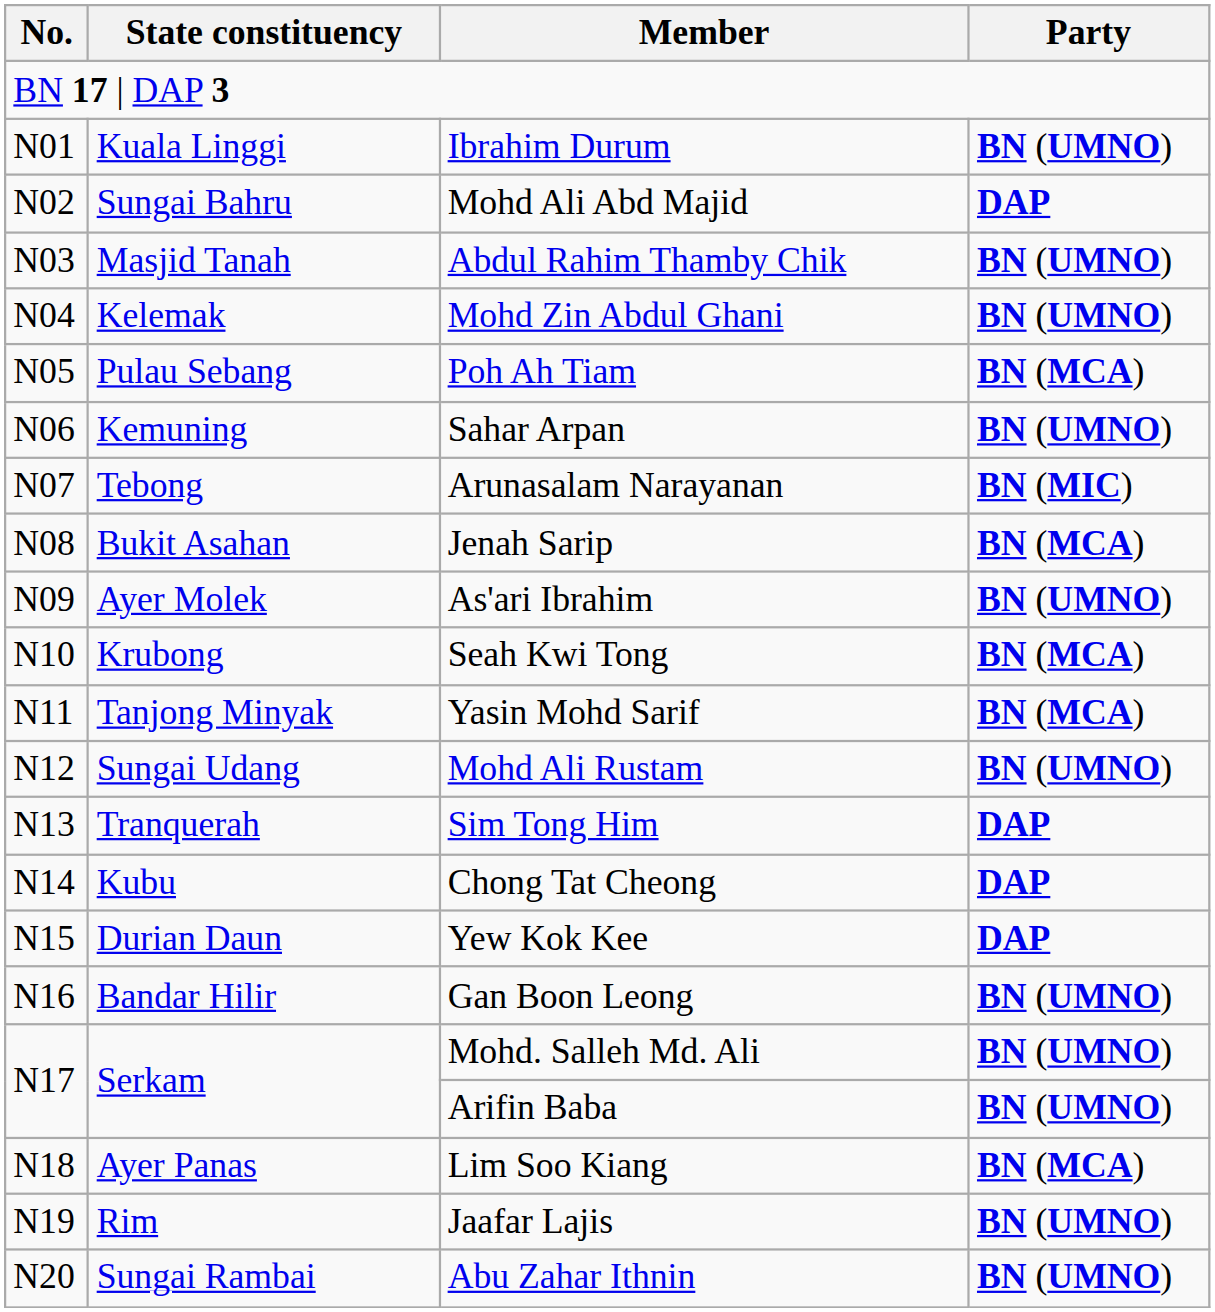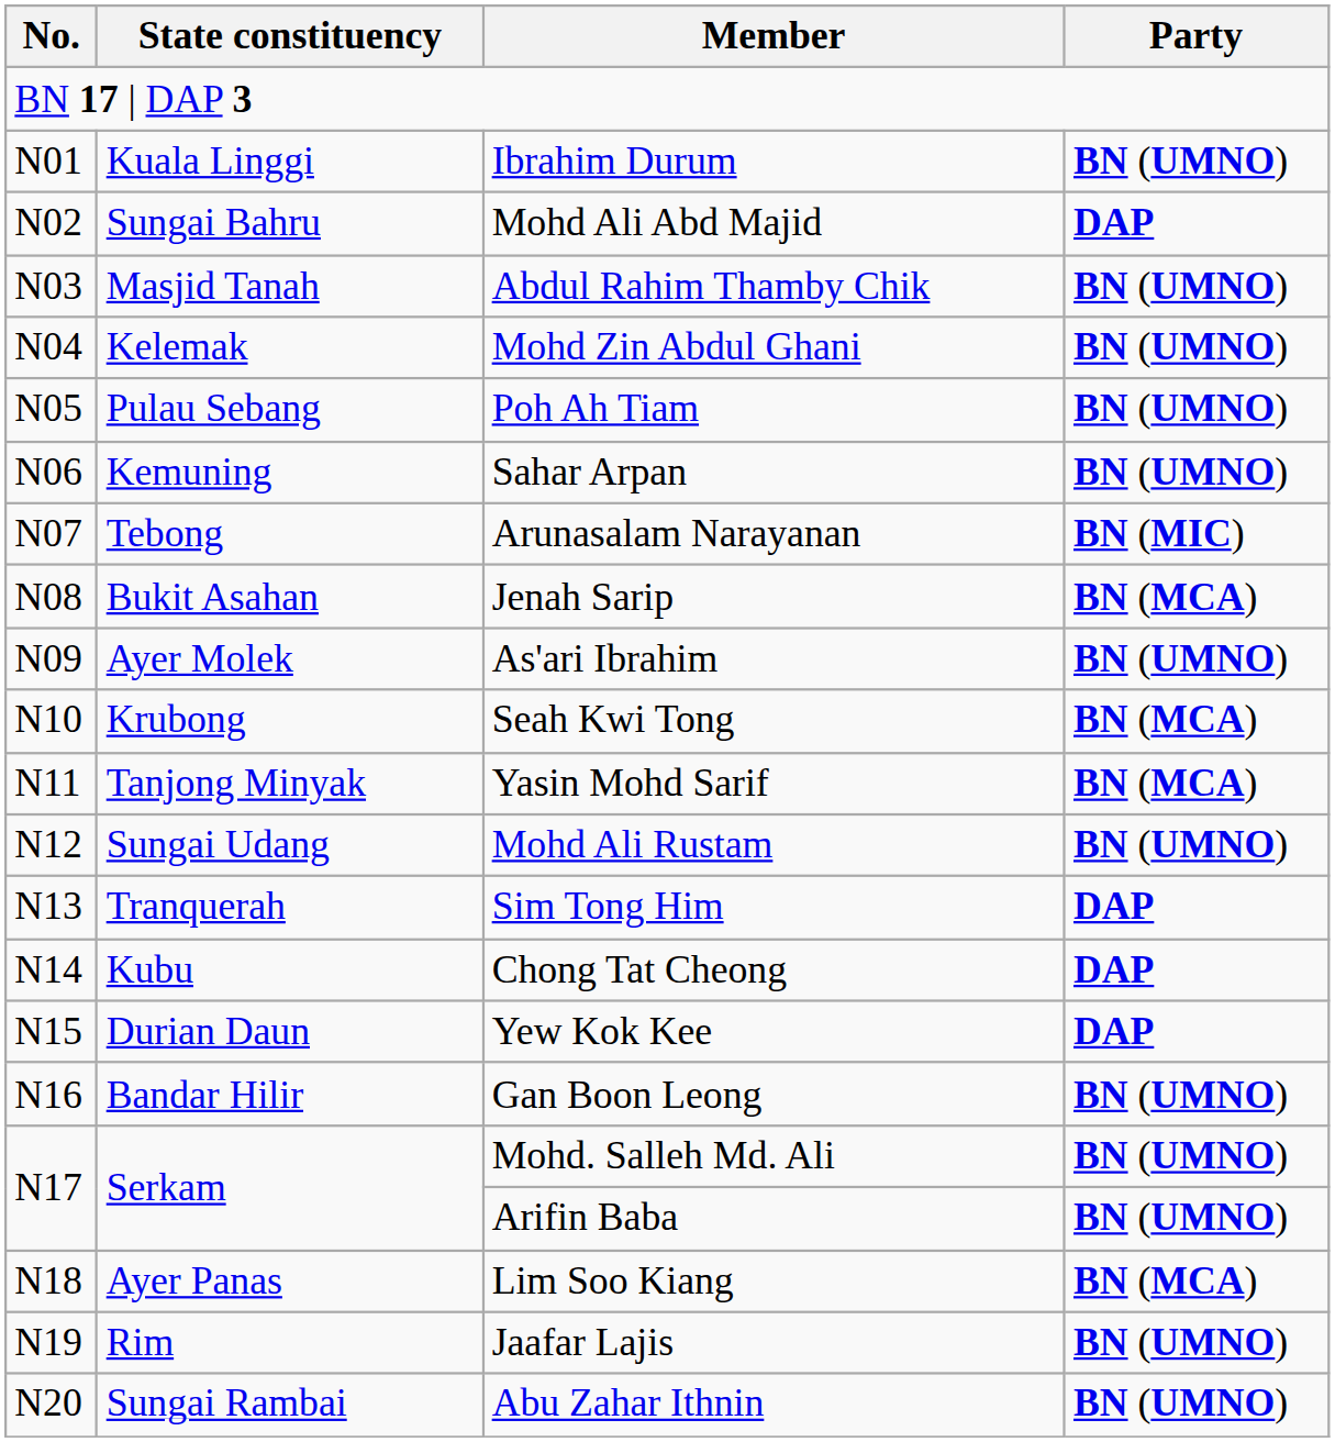 <table class="wikitable sortable">
 <tr>
 <th style="width:30px;">No.</th>
 <th style="width:150px;">State constituency</th>
 <th style="width:230px;">Member</th>
 <th style="width:100px;">Party</th>
 </tr>
 <tr>
 <td colspan="4"><a href='#'>BN</a> <strong>17</strong> | <a href='#'>DAP</a> <strong>3</strong></td>
 </tr>
 <tr>
 <td>N01</td>
 <td><a href='#'>Kuala Linggi</a></td>
 <td><a href='#'>Ibrahim Durum</a></td>
 <td><strong><a href='#'>BN</a></strong> (<strong><a href='#'>UMNO</a></strong>)</td>
 </tr>
 <tr>
 <td>N02</td>
 <td><a href='#'>Sungai Bahru</a></td>
 <td>Mohd Ali Abd Majid</td>
 <td><strong><a href='#'>DAP</a></strong></td>
 </tr>
 <tr>
 <td>N03</td>
 <td><a href='#'>Masjid Tanah</a></td>
 <td><a href='#'>Abdul Rahim Thamby Chik</a></td>
 <td><strong><a href='#'>BN</a></strong> (<strong><a href='#'>UMNO</a></strong>)</td>
 </tr>
 <tr>
 <td>N04</td>
 <td><a href='#'>Kelemak</a></td>
 <td><a href='#'>Mohd Zin Abdul Ghani</a></td>
 <td><strong><a href='#'>BN</a></strong> (<strong><a href='#'>UMNO</a></strong>)</td>
 </tr>
 <tr>
 <td>N05</td>
 <td><a href='#'>Pulau Sebang</a></td>
 <td><a href='#'>Poh Ah Tiam</a></td>
-<td><strong><a href='#'>BN</a></strong> (<strong><a href='#'>MCA</a></strong>)</td>
+<td><strong><a href='#'>BN</a></strong> (<strong><a href='#'>UMNO</a></strong>)</td>
 </tr>
 <tr>
 <td>N06</td>
 <td><a href='#'>Kemuning</a></td>
 <td>Sahar Arpan</td>
 <td><strong><a href='#'>BN</a></strong> (<strong><a href='#'>UMNO</a></strong>)</td>
 </tr>
 <tr>
 <td>N07</td>
 <td><a href='#'>Tebong</a></td>
 <td>Arunasalam Narayanan</td>
 <td><strong><a href='#'>BN</a></strong> (<strong><a href='#'>MIC</a></strong>)</td>
 </tr>
 <tr>
 <td>N08</td>
 <td><a href='#'>Bukit Asahan</a></td>
 <td>Jenah Sarip</td>
 <td><strong><a href='#'>BN</a></strong> (<strong><a href='#'>MCA</a></strong>)</td>
 </tr>
 <tr>
 <td>N09</td>
 <td><a href='#'>Ayer Molek</a></td>
 <td>As'ari Ibrahim</td>
 <td><strong><a href='#'>BN</a></strong> (<strong><a href='#'>UMNO</a></strong>)</td>
 </tr>
 <tr>
 <td>N10</td>
 <td><a href='#'>Krubong</a></td>
 <td>Seah Kwi Tong</td>
 <td><strong><a href='#'>BN</a></strong> (<strong><a href='#'>MCA</a></strong>)</td>
 </tr>
 <tr>
 <td>N11</td>
 <td><a href='#'>Tanjong Minyak</a></td>
 <td>Yasin Mohd Sarif</td>
 <td><strong><a href='#'>BN</a></strong> (<strong><a href='#'>MCA</a></strong>)</td>
 </tr>
 <tr>
 <td>N12</td>
 <td><a href='#'>Sungai Udang</a></td>
 <td><a href='#'>Mohd Ali Rustam</a></td>
 <td><strong><a href='#'>BN</a></strong> (<strong><a href='#'>UMNO</a></strong>)</td>
 </tr>
 <tr>
 <td>N13</td>
 <td><a href='#'>Tranquerah</a></td>
 <td><a href='#'>Sim Tong Him</a></td>
 <td><strong><a href='#'>DAP</a></strong></td>
 </tr>
 <tr>
 <td>N14</td>
 <td><a href='#'>Kubu</a></td>
 <td>Chong Tat Cheong</td>
 <td><strong><a href='#'>DAP</a></strong></td>
 </tr>
 <tr>
 <td>N15</td>
 <td><a href='#'>Durian Daun</a></td>
 <td>Yew Kok Kee</td>
 <td><strong><a href='#'>DAP</a></strong></td>
 </tr>
 <tr>
 <td>N16</td>
 <td><a href='#'>Bandar Hilir</a></td>
 <td>Gan Boon Leong</td>
 <td><strong><a href='#'>BN</a></strong> (<strong><a href='#'>UMNO</a></strong>)</td>
 </tr>
 <tr>
 <td rowspan=2>N17</td>
 <td rowspan=2><a href='#'>Serkam</a></td>
 <td>Mohd. Salleh Md. Ali </td>
 <td><strong><a href='#'>BN</a></strong> (<strong><a href='#'>UMNO</a></strong>)</td>
 </tr>
 <tr>
 <td>Arifin Baba </td>
 <td><strong><a href='#'>BN</a></strong> (<strong><a href='#'>UMNO</a></strong>)</td>
 </tr>
 <tr>
 <td>N18</td>
 <td><a href='#'>Ayer Panas</a></td>
 <td>Lim Soo Kiang</td>
 <td><strong><a href='#'>BN</a></strong> (<strong><a href='#'>MCA</a></strong>)</td>
 </tr>
 <tr>
 <td>N19</td>
 <td><a href='#'>Rim</a></td>
 <td>Jaafar Lajis</td>
 <td><strong><a href='#'>BN</a></strong> (<strong><a href='#'>UMNO</a></strong>)</td>
 </tr>
 <tr>
 <td>N20</td>
 <td><a href='#'>Sungai Rambai</a></td>
 <td><a href='#'>Abu Zahar Ithnin</a></td>
 <td><strong><a href='#'>BN</a></strong> (<strong><a href='#'>UMNO</a></strong>)</td>
 </tr>
 </table>
